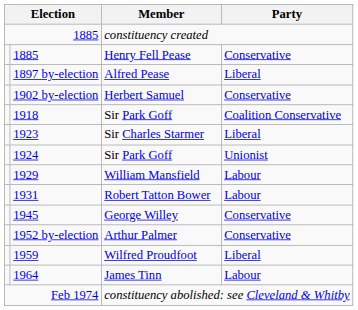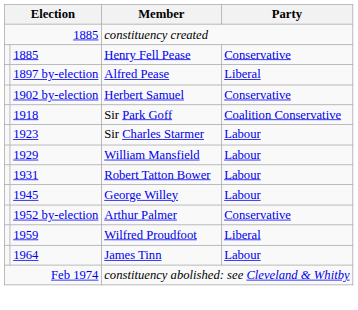 <table class="wikitable">
 <tr>
 <th colspan="2">Election</th>
 <th>Member</th>
 <th>Party</th>
 </tr>
 <tr>
 <td colspan="2" align="right"><a href='#'>1885</a></td>
 <td colspan="2"><em>constituency created</em></td>
 </tr>
 <tr>
 <td style="color:inherit;background-color: "></td>
 <td><a href='#'>1885</a></td>
 <td><a href='#'>Henry Fell Pease</a></td>
 <td><a href='#'>Conservative</a></td>
 </tr>
 <tr>
 <td style="color:inherit;background-color: "></td>
 <td><a href='#'>1897 by-election</a></td>
 <td><a href='#'>Alfred Pease</a></td>
 <td><a href='#'>Liberal</a></td>
 </tr>
 <tr>
 <td style="color:inherit;background-color: "></td>
 <td><a href='#'>1902 by-election</a></td>
 <td><a href='#'>Herbert Samuel</a></td>
 <td><a href='#'>Conservative</a></td>
 </tr>
 <tr>
 <td style="color:inherit;background-color: "></td>
 <td><a href='#'>1918</a></td>
 <td>Sir <a href='#'>Park Goff</a></td>
 <td><a href='#'>Coalition Conservative</a></td>
 </tr>
 <tr>
 <td style="color:inherit;background-color: "></td>
 <td><a href='#'>1923</a></td>
 <td>Sir <a href='#'>Charles Starmer</a></td>
-<td><a href='#'>Liberal</a></td>
-</tr>
-<tr>
-<td style="color:inherit;background-color: "></td>
-<td><a href='#'>1924</a></td>
-<td>Sir <a href='#'>Park Goff</a></td>
-<td><a href='#'>Unionist</a></td>
+<td><a href='#'>Labour</a></td>
 </tr>
 <tr>
 <td style="color:inherit;background-color: "></td>
 <td><a href='#'>1929</a></td>
 <td><a href='#'>William Mansfield</a></td>
 <td><a href='#'>Labour</a></td>
 </tr>
 <tr>
 <td style="color:inherit;background-color: "></td>
 <td><a href='#'>1931</a></td>
 <td><a href='#'>Robert Tatton Bower</a></td>
 <td><a href='#'>Labour</a></td>
 </tr>
 <tr>
 <td style="color:inherit;background-color: "></td>
 <td><a href='#'>1945</a></td>
 <td><a href='#'>George Willey</a></td>
-<td><a href='#'>Conservative</a></td>
+<td><a href='#'>Labour</a></td>
 </tr>
 <tr>
 <td style="color:inherit;background-color: "></td>
 <td><a href='#'>1952 by-election</a></td>
 <td><a href='#'>Arthur Palmer</a></td>
 <td><a href='#'>Conservative</a></td>
 </tr>
 <tr>
 <td style="color:inherit;background-color: "></td>
 <td><a href='#'>1959</a></td>
 <td><a href='#'>Wilfred Proudfoot</a></td>
 <td><a href='#'>Liberal</a></td>
 </tr>
 <tr>
 <td style="color:inherit;background-color: "></td>
 <td><a href='#'>1964</a></td>
 <td><a href='#'>James Tinn</a></td>
 <td><a href='#'>Labour</a></td>
 </tr>
 <tr>
 <td colspan="2" align="right"><a href='#'>Feb 1974</a></td>
 <td colspan="2"><em>constituency abolished: see <a href='#'>Cleveland & Whitby</a></em></td>
 </tr>
 </table>
